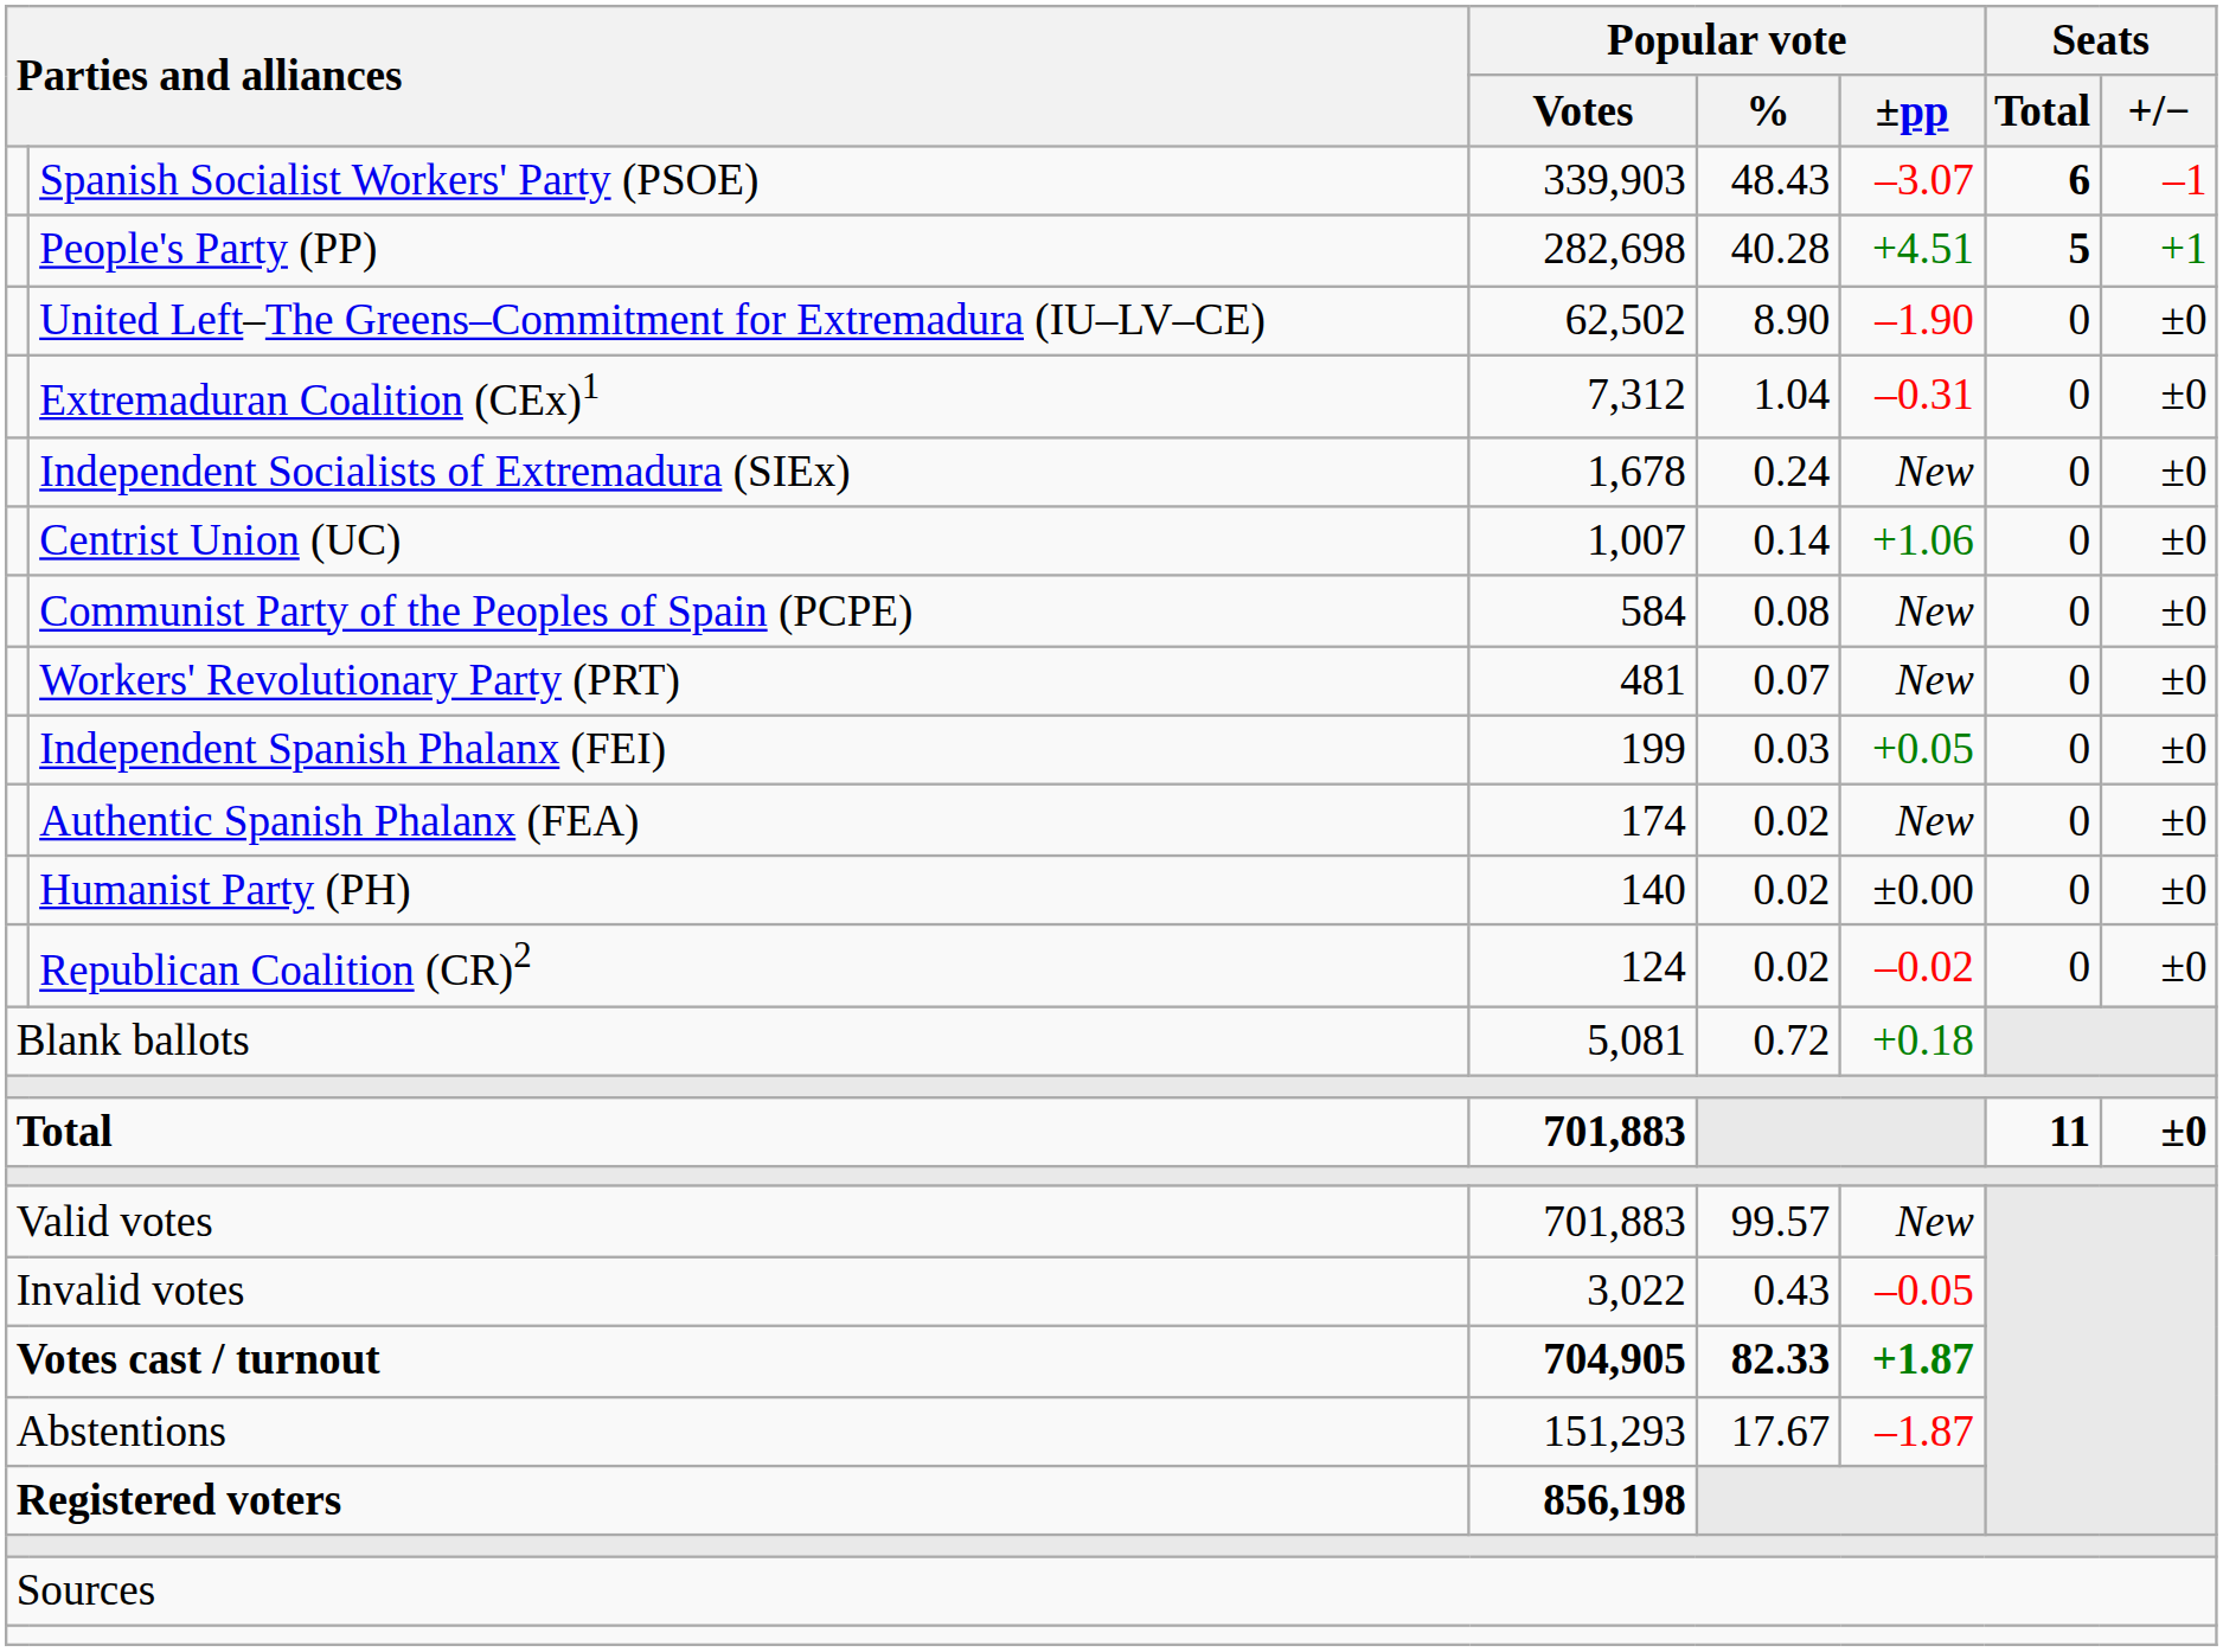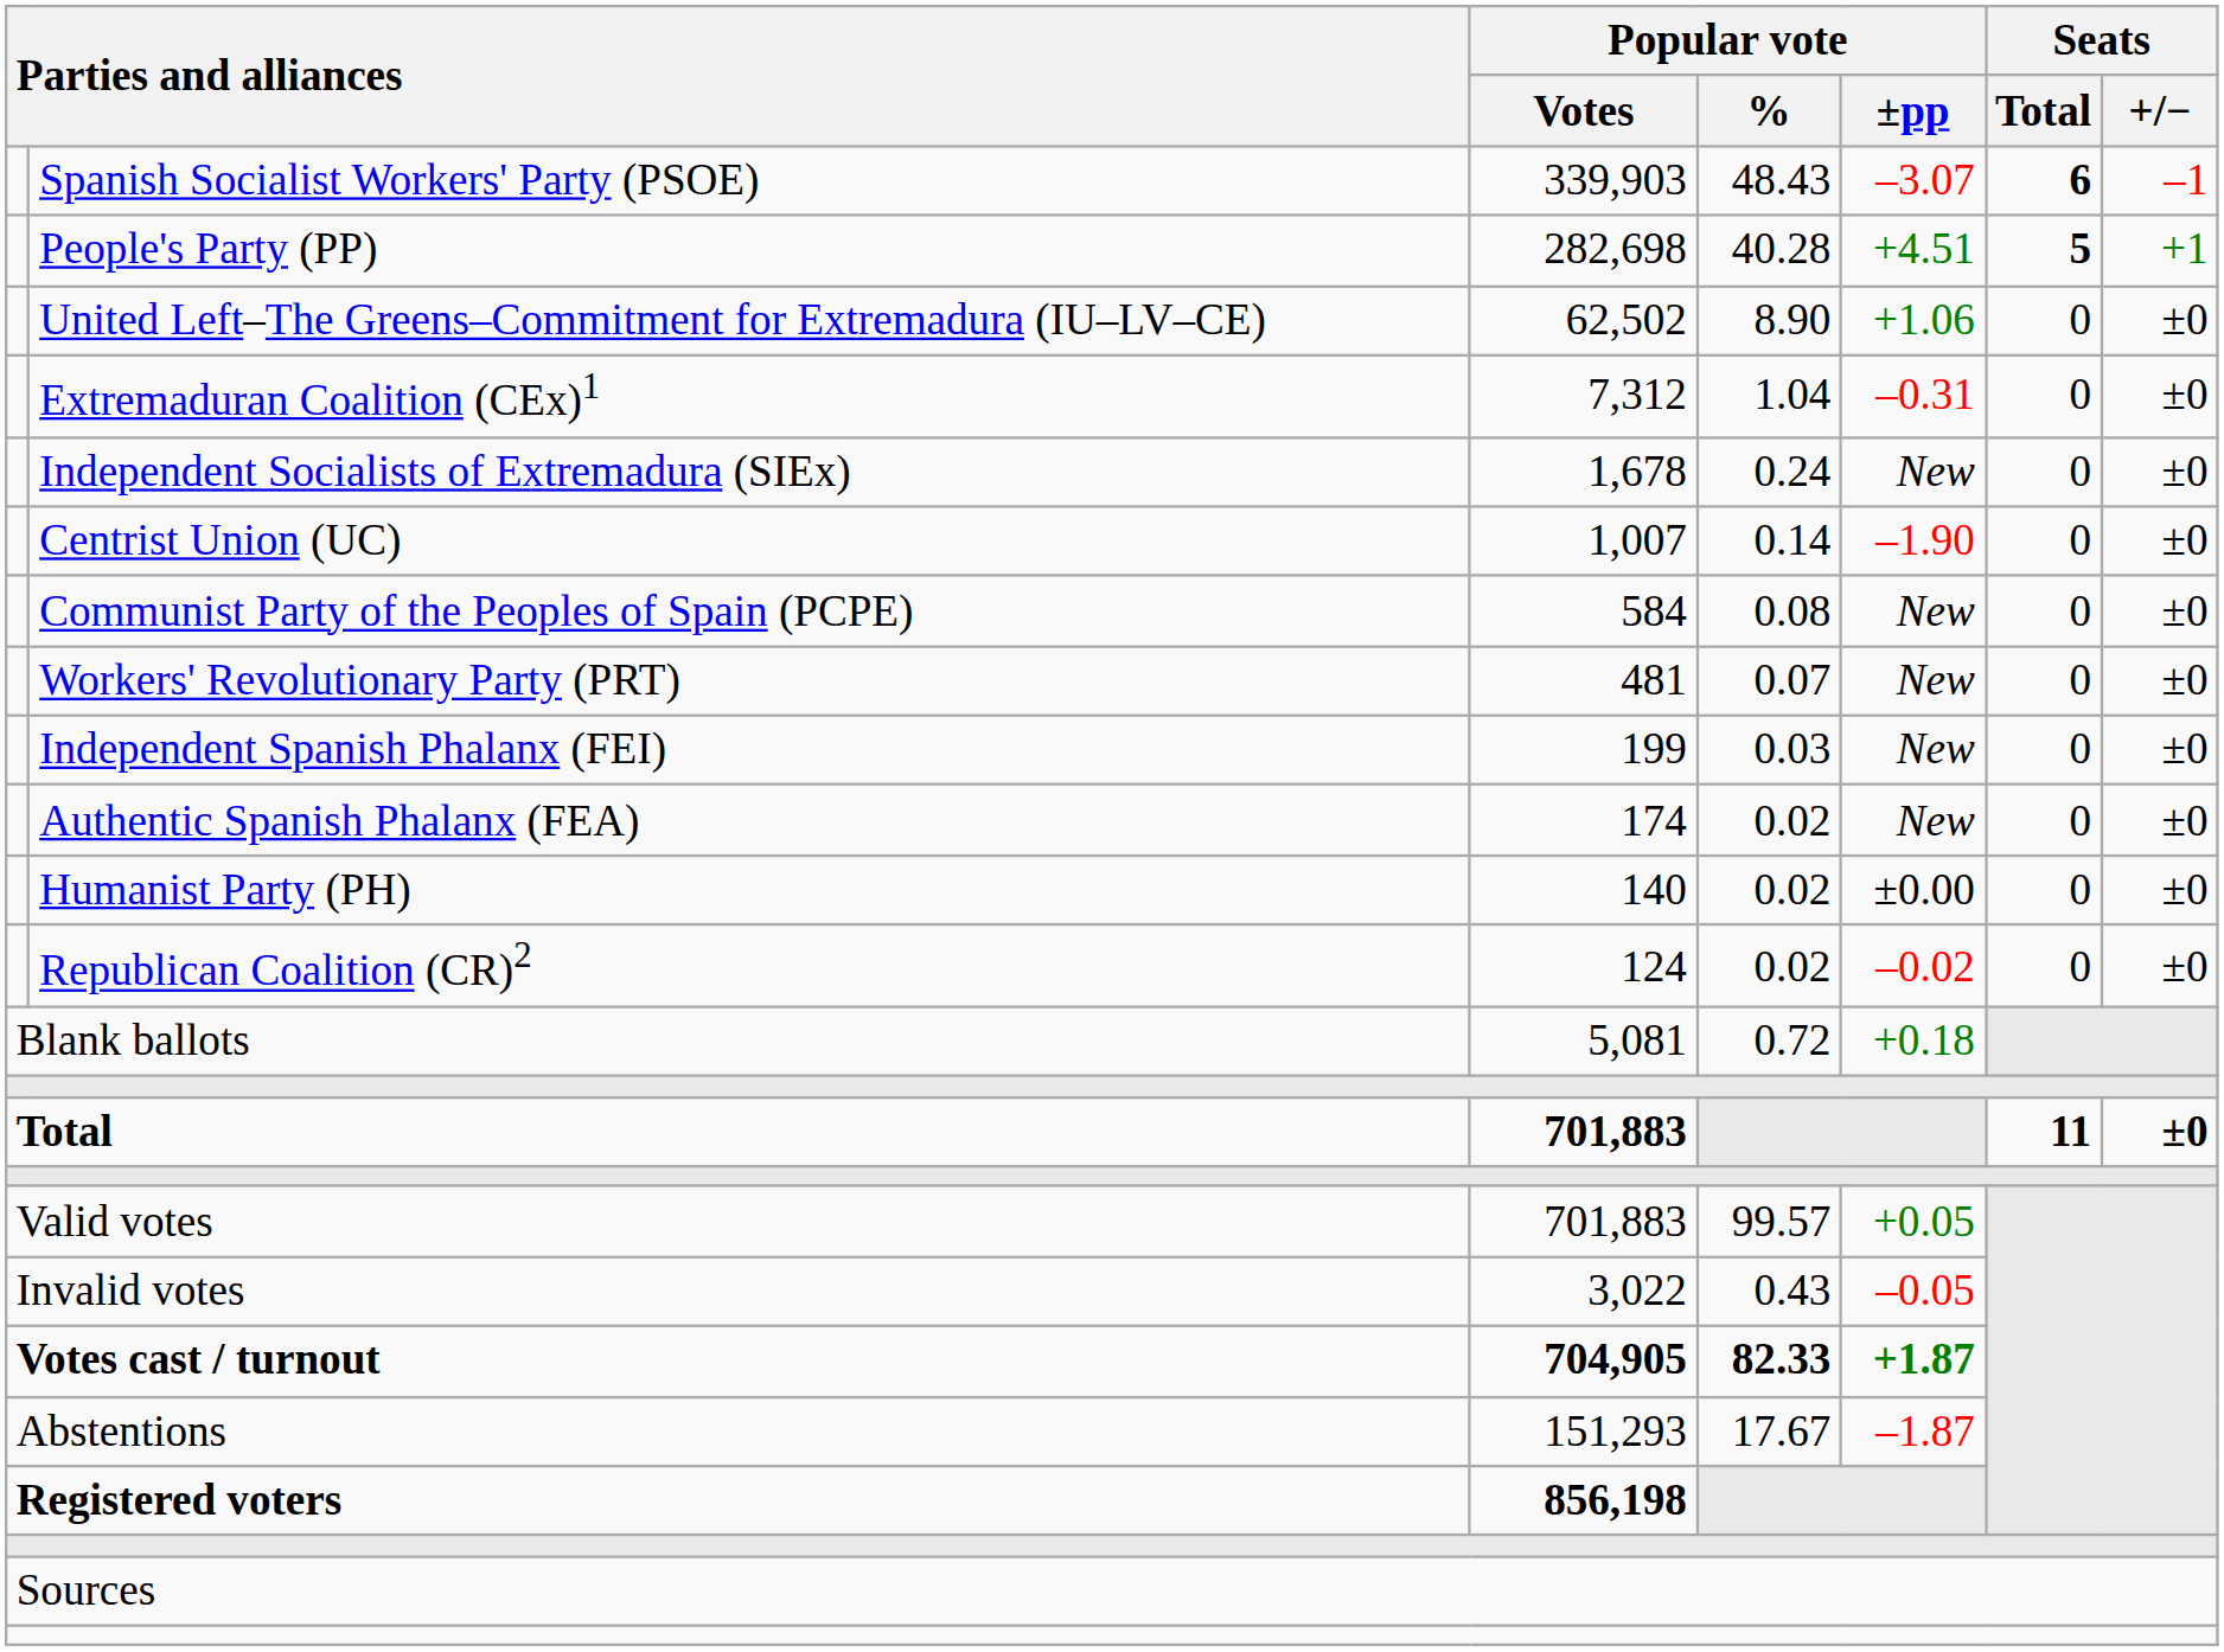 <table class="wikitable" style="text-align:right;">
 <tr>
 <th style="text-align:left;" rowspan="2" colspan="2" width="525">Parties and alliances</th>
 <th colspan="3">Popular vote</th>
 <th colspan="2">Seats</th>
 </tr>
 <tr>
 <th width="75">Votes</th>
 <th width="45">%</th>
 <th width="45">±<a href='#'>pp</a></th>
 <th width="35">Total</th>
 <th width="35">+/−</th>
 </tr>
 <tr>
 <td width="1" style="color:inherit;background:"></td>
 <td align="left"><a href='#'>Spanish Socialist Workers' Party</a> (PSOE)</td>
 <td>339,903</td>
 <td>48.43</td>
 <td style="color:red;">–3.07</td>
 <td><strong>6</strong></td>
 <td style="color:red;">–1</td>
 </tr>
 <tr>
 <td style="color:inherit;background:"></td>
 <td align="left"><a href='#'>People's Party</a> (PP)</td>
 <td>282,698</td>
 <td>40.28</td>
 <td style="color:green;">+4.51</td>
 <td><strong>5</strong></td>
 <td style="color:green;">+1</td>
 </tr>
 <tr>
 <td style="color:inherit;background:"></td>
 <td align="left"><a href='#'>United Left</a>–<a href='#'>The Greens–Commitment for Extremadura</a> (IU–LV–CE)</td>
 <td>62,502</td>
 <td>8.90</td>
-<td style="color:red;">–1.90</td>
+<td style="color:green;">+1.06</td>
 <td>0</td>
 <td>±0</td>
 </tr>
 <tr>
 <td style="color:inherit;background:"></td>
 <td align="left"><a href='#'>Extremaduran Coalition</a> (CEx)<sup>1</sup></td>
 <td>7,312</td>
 <td>1.04</td>
 <td style="color:red;">–0.31</td>
 <td>0</td>
 <td>±0</td>
 </tr>
 <tr>
 <td style="color:inherit;background:"></td>
 <td align="left"><a href='#'>Independent Socialists of Extremadura</a> (SIEx)</td>
 <td>1,678</td>
 <td>0.24</td>
 <td><em>New</em></td>
 <td>0</td>
 <td>±0</td>
 </tr>
 <tr>
 <td style="color:inherit;background:"></td>
 <td align="left"><a href='#'>Centrist Union</a> (UC)</td>
 <td>1,007</td>
 <td>0.14</td>
-<td style="color:green;">+1.06</td>
+<td style="color:red;">–1.90</td>
 <td>0</td>
 <td>±0</td>
 </tr>
 <tr>
 <td style="color:inherit;background:"></td>
 <td align="left"><a href='#'>Communist Party of the Peoples of Spain</a> (PCPE)</td>
 <td>584</td>
 <td>0.08</td>
 <td><em>New</em></td>
 <td>0</td>
 <td>±0</td>
 </tr>
 <tr>
 <td style="color:inherit;background:"></td>
 <td align="left"><a href='#'>Workers' Revolutionary Party</a> (PRT)</td>
 <td>481</td>
 <td>0.07</td>
 <td><em>New</em></td>
 <td>0</td>
 <td>±0</td>
 </tr>
 <tr>
 <td style="color:inherit;background:"></td>
 <td align="left"><a href='#'>Independent Spanish Phalanx</a> (FEI)</td>
 <td>199</td>
 <td>0.03</td>
-<td style="color:green;">+0.05</td>
+<td><em>New</em></td>
 <td>0</td>
 <td>±0</td>
 </tr>
 <tr>
 <td style="color:inherit;background:"></td>
 <td align="left"><a href='#'>Authentic Spanish Phalanx</a> (FEA)</td>
 <td>174</td>
 <td>0.02</td>
 <td><em>New</em></td>
 <td>0</td>
 <td>±0</td>
 </tr>
 <tr>
 <td style="color:inherit;background:"></td>
 <td align="left"><a href='#'>Humanist Party</a> (PH)</td>
 <td>140</td>
 <td>0.02</td>
 <td>±0.00</td>
 <td>0</td>
 <td>±0</td>
 </tr>
 <tr>
 <td style="color:inherit;background:"></td>
 <td align="left"><a href='#'>Republican Coalition</a> (CR)<sup>2</sup></td>
 <td>124</td>
 <td>0.02</td>
 <td style="color:red;">–0.02</td>
 <td>0</td>
 <td>±0</td>
 </tr>
 <tr>
 <td align="left" colspan="2">Blank ballots</td>
 <td>5,081</td>
 <td>0.72</td>
 <td style="color:green;">+0.18</td>
 <td bgcolor="#E9E9E9" colspan="2"></td>
 </tr>
 <tr>
 <td colspan="7" bgcolor="#E9E9E9"></td>
 </tr>
 <tr style="font-weight:bold;">
 <td align="left" colspan="2">Total</td>
 <td>701,883</td>
 <td bgcolor="#E9E9E9" colspan="2"></td>
 <td>11</td>
 <td>±0</td>
 </tr>
 <tr>
 <td colspan="7" bgcolor="#E9E9E9"></td>
 </tr>
 <tr>
 <td align="left" colspan="2">Valid votes</td>
 <td>701,883</td>
 <td>99.57</td>
-<td><em>New</em></td>
+<td style="color:green;">+0.05</td>
 <td bgcolor="#E9E9E9" colspan="2" rowspan="5"></td>
 </tr>
 <tr>
 <td align="left" colspan="2">Invalid votes</td>
 <td>3,022</td>
 <td>0.43</td>
 <td style="color:red;">–0.05</td>
 </tr>
 <tr style="font-weight:bold;">
 <td align="left" colspan="2">Votes cast / turnout</td>
 <td>704,905</td>
 <td>82.33</td>
 <td style="color:green;">+1.87</td>
 </tr>
 <tr>
 <td align="left" colspan="2">Abstentions</td>
 <td>151,293</td>
 <td>17.67</td>
 <td style="color:red;">–1.87</td>
 </tr>
 <tr style="font-weight:bold;">
 <td align="left" colspan="2">Registered voters</td>
 <td>856,198</td>
 <td bgcolor="#E9E9E9" colspan="2"></td>
 </tr>
 <tr>
 <td colspan="7" bgcolor="#E9E9E9"></td>
 </tr>
 <tr>
 <td align="left" colspan="7">Sources</td>
 </tr>
 <tr>
 <td colspan="7" style="text-align:left; max-width:790px;"></td>
 </tr>
 </table>
